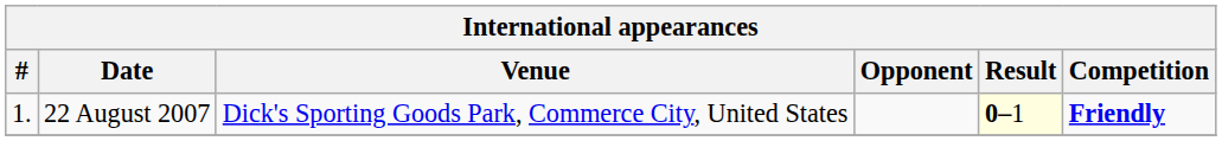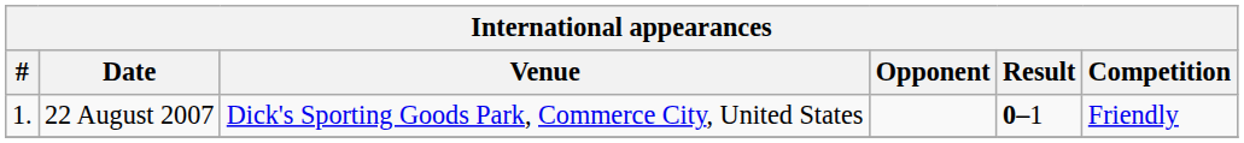 <table class="wikitable collapsible collapsed" style="font-size:90%">
 <tr>
 <th colspan="7"><strong>International appearances</strong></th>
 </tr>
 <tr>
 <th>#</th>
 <th>Date</th>
 <th>Venue</th>
 <th>Opponent</th>
 <th>Result</th>
 <th>Competition</th>
 </tr>
 <tr>
 <td>1.</td>
 <td>22 August 2007</td>
 <td><a href='#'>Dick's Sporting Goods Park</a>, <a href='#'>Commerce City</a>, United States</td>
 <td></td>
-<td style="background: lightyellow;"><strong>0–</strong>1</td>
-<td><strong><a href='#'>Friendly</a></strong></td>
+<td><strong>0–</strong>1</td>
+<td><a href='#'>Friendly</a></td>
 </tr>
 <tr>
 </tr>
 </table>
